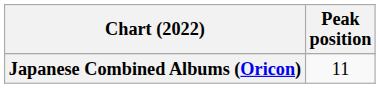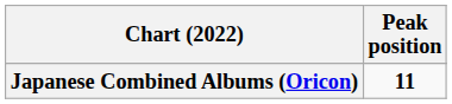 <table class="wikitable plainrowheaders" style="text-align:center">
 <tr>
 <th scope="col">Chart (2022)</th>
 <th scope="col">Peak<br>position</th>
 </tr>
 <tr>
 </tr>
 <tr>
 <th scope="row">Japanese Combined Albums (<a href='#'>Oricon</a>)</th>
-<td>11</td>
+<td><strong>11</strong></td>
 </tr>
 </table>
